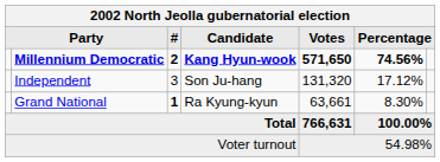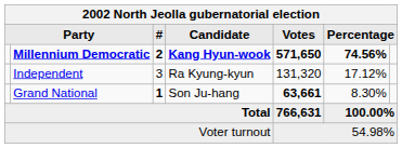 <table class="wikitable">
 <tr>
 <th colspan="7">2002 North Jeolla gubernatorial election</th>
 </tr>
 <tr>
 <th style="background-color:#E9E9E9" colspan=2>Party</th>
 <th style="background-color:#E9E9E9">#</th>
 <th style="background-color:#E9E9E9">Candidate</th>
 <th style="background-color:#E9E9E9">Votes</th>
 <th style="background-color:#E9E9E9" colspan=2>Percentage</th>
 </tr>
 <tr style="font-weight:bold">
 <td></td>
 <td align=left><a href='#'>Millennium Democratic</a></td>
 <td align=center>2</td>
 <td align=left><a href='#'>Kang Hyun-wook</a></td>
 <td align=right>571,650</td>
 <td align=right>74.56%</td>
 <td align=right></td>
 </tr>
 <tr>
 <td></td>
 <td align=left><a href='#'>Independent</a></td>
 <td align=center>3</td>
-<td align=left>Son Ju-hang</td>
+<td align=left>Ra Kyung-kyun</td>
 <td align=right>131,320</td>
 <td align=right>17.12%</td>
 <td align=right></td>
 </tr>
 <tr>
 <td></td>
 <td align=left><a href='#'>Grand National</a></td>
 <td align=center><strong>1</strong></td>
-<td align=left>Ra Kyung-kyun</td>
-<td align=right>63,661</td>
+<td align=left>Son Ju-hang</td>
+<td align=right><strong>63,661</strong></td>
 <td align=right>8.30%</td>
 <td align=right></td>
 </tr>
 <tr bgcolor="#EEEEEE" style="font-weight:bold">
 <td colspan="4" align=right>Total</td>
 <td align=right>766,631</td>
 <td align=right colspan=2>100.00%</td>
 </tr>
 <tr bgcolor="#EEEEEE">
 <td colspan="4" align="right">Voter turnout</td>
 <td colspan="3" align="right">54.98%</td>
 </tr>
 </table>
